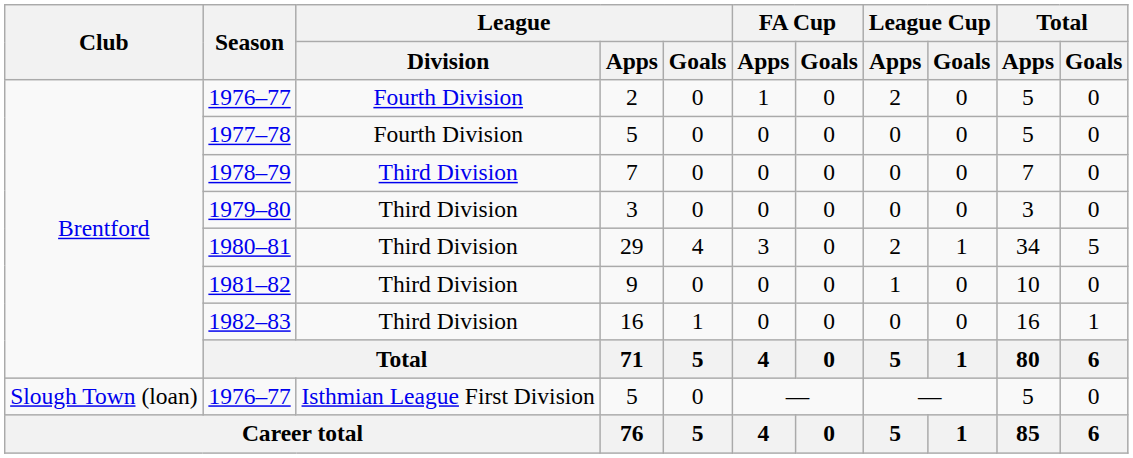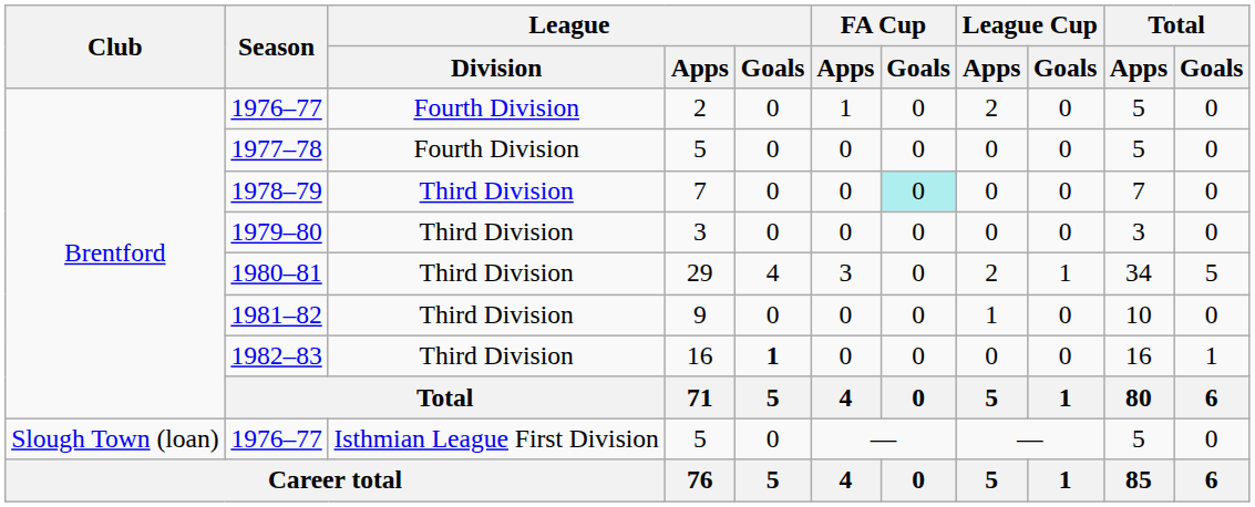 <table class="wikitable" style="text-align: center;">
 <tr>
 <th rowspan="2">Club</th>
 <th rowspan="2">Season</th>
 <th colspan="3">League</th>
 <th colspan="2">FA Cup</th>
 <th colspan="2">League Cup</th>
 <th colspan="2">Total</th>
 </tr>
 <tr>
 <th>Division</th>
 <th>Apps</th>
 <th>Goals</th>
 <th>Apps</th>
 <th>Goals</th>
 <th>Apps</th>
 <th>Goals</th>
 <th>Apps</th>
 <th>Goals</th>
 </tr>
 <tr>
 <td rowspan="8"><a href='#'>Brentford</a></td>
 <td><a href='#'>1976–77</a></td>
 <td><a href='#'>Fourth Division</a></td>
 <td>2</td>
 <td>0</td>
 <td>1</td>
 <td>0</td>
 <td>2</td>
 <td>0</td>
 <td>5</td>
 <td>0</td>
 </tr>
 <tr>
 <td><a href='#'>1977–78</a></td>
 <td>Fourth Division</td>
 <td>5</td>
 <td>0</td>
 <td>0</td>
 <td>0</td>
 <td>0</td>
 <td>0</td>
 <td>5</td>
 <td>0</td>
 </tr>
 <tr>
 <td><a href='#'>1978–79</a></td>
 <td><a href='#'>Third Division</a></td>
 <td>7</td>
 <td>0</td>
 <td>0</td>
-<td>0</td>
+<td style="background: paleturquoise;">0</td>
 <td>0</td>
 <td>0</td>
 <td>7</td>
 <td>0</td>
 </tr>
 <tr>
 <td><a href='#'>1979–80</a></td>
 <td>Third Division</td>
 <td>3</td>
 <td>0</td>
 <td>0</td>
 <td>0</td>
 <td>0</td>
 <td>0</td>
 <td>3</td>
 <td>0</td>
 </tr>
 <tr>
 <td><a href='#'>1980–81</a></td>
 <td>Third Division</td>
 <td>29</td>
 <td>4</td>
 <td>3</td>
 <td>0</td>
 <td>2</td>
 <td>1</td>
 <td>34</td>
 <td>5</td>
 </tr>
 <tr>
 <td><a href='#'>1981–82</a></td>
 <td>Third Division</td>
 <td>9</td>
 <td>0</td>
 <td>0</td>
 <td>0</td>
 <td>1</td>
 <td>0</td>
 <td>10</td>
 <td>0</td>
 </tr>
 <tr>
 <td><a href='#'>1982–83</a></td>
 <td>Third Division</td>
 <td>16</td>
-<td>1</td>
+<td><strong>1</strong></td>
 <td>0</td>
 <td>0</td>
 <td>0</td>
 <td>0</td>
 <td>16</td>
 <td>1</td>
 </tr>
 <tr>
 <th colspan="2">Total</th>
 <th>71</th>
 <th>5</th>
 <th>4</th>
 <th>0</th>
 <th>5</th>
 <th>1</th>
 <th>80</th>
 <th>6</th>
 </tr>
 <tr>
 <td><a href='#'>Slough Town</a> (loan)</td>
 <td><a href='#'>1976–77</a></td>
 <td><a href='#'>Isthmian League</a> First Division</td>
 <td>5</td>
 <td>0</td>
 <td colspan="2">—</td>
 <td colspan="2">—</td>
 <td>5</td>
 <td>0</td>
 </tr>
 <tr>
 <th colspan="3">Career total</th>
 <th>76</th>
 <th>5</th>
 <th>4</th>
 <th>0</th>
 <th>5</th>
 <th>1</th>
 <th>85</th>
 <th>6</th>
 </tr>
 </table>
